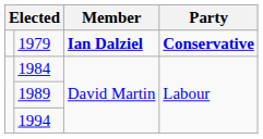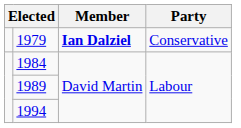 <table class="wikitable">
 <tr>
 <th colspan="2">Elected</th>
 <th>Member</th>
 <th>Party</th>
 </tr>
 <tr>
 <td style="background-color: "></td>
 <td><a href='#'>1979</a></td>
 <td><strong><a href='#'>Ian Dalziel</a></strong></td>
-<td><strong><a href='#'>Conservative</a></strong></td>
+<td><a href='#'>Conservative</a></td>
 </tr>
 <tr>
 <td rowspan="3" style="background-color: "></td>
 <td><a href='#'>1984</a></td>
 <td rowspan="3"><a href='#'>David Martin</a></td>
 <td rowspan="3"><a href='#'>Labour</a></td>
 </tr>
 <tr>
 <td><a href='#'>1989</a></td>
 </tr>
 <tr>
 <td><a href='#'>1994</a></td>
 </tr>
 </table>
